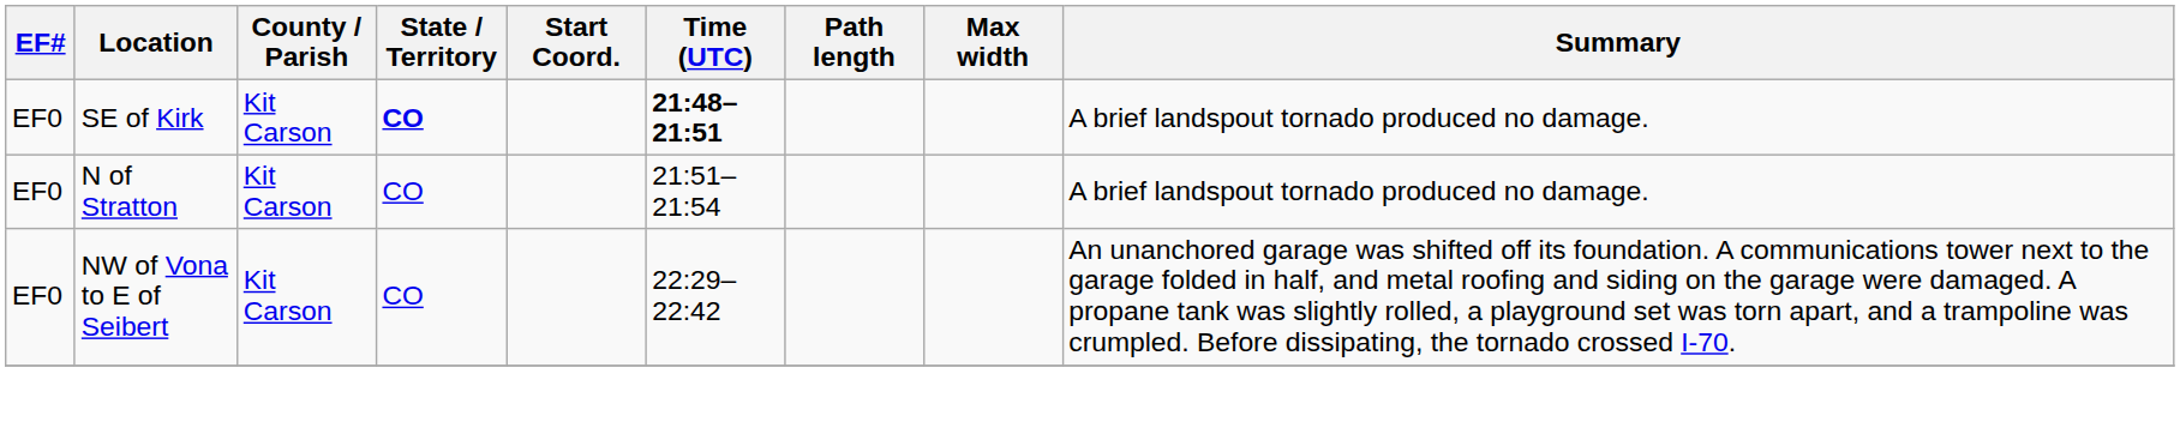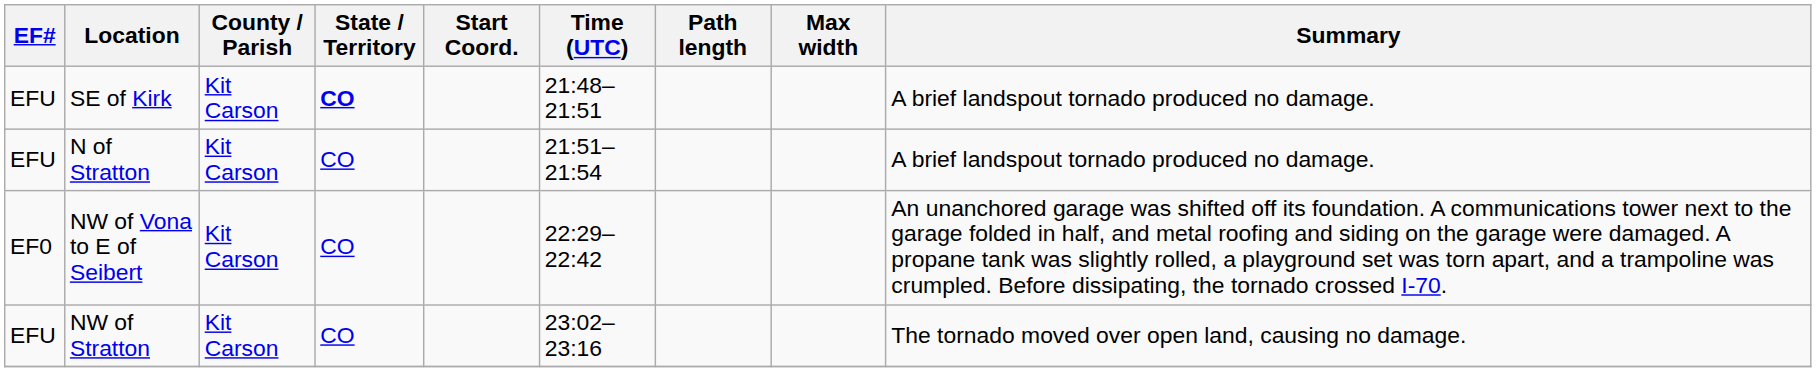 <table class="wikitable sortable" style="width:100%;">
 <tr>
 <th scope="col"  style="width:3%; text-align:center;"><a href='#'>EF#</a></th>
 <th scope="col"  style="width:7%; text-align:center;" class="unsortable">Location</th>
 <th scope="col"  style="width:6%; text-align:center;" class="unsortable">County / Parish</th>
 <th scope="col"  style="width:5%; text-align:center;">State / Territory</th>
 <th scope="col"  style="width:6%; text-align:center;">Start Coord.</th>
 <th scope="col"  style="width:6%; text-align:center;">Time (<a href='#'>UTC</a>)</th>
 <th scope="col"  style="width:6%; text-align:center;">Path length</th>
 <th scope="col"  style="width:6%; text-align:center;">Max width</th>
 <th scope="col" class="unsortable" style="width:48%; text-align:center;">Summary</th>
 </tr>
 <tr>
-<td>EF0</td>
+<td>EFU</td>
 <td>SE of <a href='#'>Kirk</a></td>
 <td><a href='#'>Kit Carson</a></td>
 <td><strong><a href='#'>CO</a></strong></td>
 <td></td>
-<td><strong>21:48–21:51</strong></td>
+<td>21:48–21:51</td>
 <td></td>
 <td></td>
 <td>A brief landspout tornado produced no damage.</td>
 </tr>
 <tr>
-<td>EF0</td>
+<td>EFU</td>
 <td>N of <a href='#'>Stratton</a></td>
 <td><a href='#'>Kit Carson</a></td>
 <td><a href='#'>CO</a></td>
 <td></td>
 <td>21:51–21:54</td>
 <td></td>
 <td></td>
 <td>A brief landspout tornado produced no damage.</td>
 </tr>
 <tr>
 <td>EF0</td>
 <td>NW of <a href='#'>Vona</a> to E of <a href='#'>Seibert</a></td>
 <td><a href='#'>Kit Carson</a></td>
 <td><a href='#'>CO</a></td>
 <td></td>
 <td>22:29–22:42</td>
 <td></td>
 <td></td>
 <td>An unanchored garage was shifted  off its foundation. A communications tower next to the garage folded in half, and metal roofing and siding on the garage were damaged. A propane tank was slightly rolled, a playground set was torn apart, and a trampoline was crumpled. Before dissipating, the tornado crossed <a href='#'>I-70</a>.</td>
 </tr>
 <tr>
+<td>EFU</td>
+<td>NW of <a href='#'>Stratton</a></td>
+<td><a href='#'>Kit Carson</a></td>
+<td><a href='#'>CO</a></td>
+<td></td>
+<td>23:02–23:16</td>
+<td></td>
+<td></td>
+<td>The tornado moved over open land, causing no damage.</td>
+</tr>
+<tr>
 </tr>
 </table>
